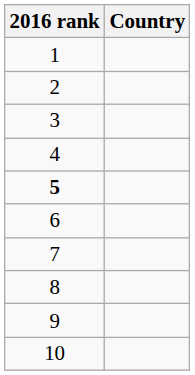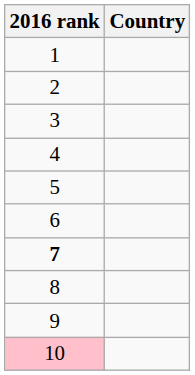 <table class="sortable wikitable" style="text-align:center">
 <tr>
 <th>2016 rank</th>
 <th>Country</th>
 </tr>
 <tr>
 <td>1</td>
 <td style="text-align:left;"></td>
 </tr>
 <tr>
 <td>2</td>
 <td style="text-align:left;"></td>
 </tr>
 <tr>
 <td>3</td>
 <td style="text-align:left;"></td>
 </tr>
 <tr>
 <td>4</td>
 <td style="text-align:left;"></td>
 </tr>
 <tr>
-<td><strong>5</strong></td>
+<td>5</td>
 <td style="text-align:left;"></td>
 </tr>
 <tr>
 <td>6</td>
 <td style="text-align:left;"></td>
 </tr>
 <tr>
-<td>7</td>
+<td><strong>7</strong></td>
 <td style="text-align:left;"></td>
 </tr>
 <tr>
 <td>8</td>
 <td style="text-align:left;"></td>
 </tr>
 <tr>
 <td>9</td>
 <td style="text-align:left;"></td>
 </tr>
 <tr>
-<td>10</td>
+<td style="background: pink;">10</td>
 <td style="text-align:left;"></td>
 </tr>
 </table>
